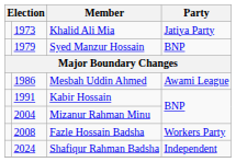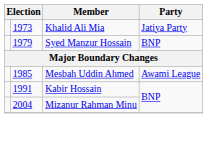 <table class="wikitable">
 <tr>
 <th colspan="2">Election</th>
 <th>Member</th>
 <th>Party</th>
 </tr>
 <tr>
 <td style="background-color:"></td>
 <td><a href='#'>1973</a></td>
 <td><a href='#'>Khalid Ali Mia</a></td>
 <td><a href='#'>Jatiya Party</a></td>
 </tr>
 <tr>
 <td style="background-color:"></td>
 <td><a href='#'>1979</a></td>
 <td><a href='#'>Syed Manzur Hossain</a></td>
 <td><a href='#'>BNP</a></td>
 </tr>
 <tr>
 <th colspan="4">Major Boundary Changes</th>
 </tr>
 <tr>
 <td style="background-color:"></td>
-<td><a href='#'>1986</a></td>
+<td><a href='#'>1985</a></td>
 <td><a href='#'>Mesbah Uddin Ahmed</a></td>
 <td><a href='#'>Awami League</a></td>
 </tr>
 <tr>
 <td style="background-color:"></td>
 <td><a href='#'>1991</a></td>
 <td><a href='#'>Kabir Hossain</a></td>
 <td rowspan="2"><a href='#'>BNP</a></td>
 </tr>
 <tr>
 <td style="background-color:"></td>
 <td><a href='#'>2004</a></td>
 <td><a href='#'>Mizanur Rahman Minu</a></td>
 </tr>
 <tr>
-<td style="background-color:"></td>
-<td><a href='#'>2008</a></td>
-<td><a href='#'>Fazle Hossain Badsha</a></td>
-<td><a href='#'>Workers Party</a></td>
-</tr>
-<tr>
-<td></td>
-<td><a href='#'>2024</a></td>
-<td><a href='#'>Shafiqur Rahman Badsha</a></td>
-<td><a href='#'>Independent</a></td>
-</tr>
-<tr>
 </tr>
 </table>
